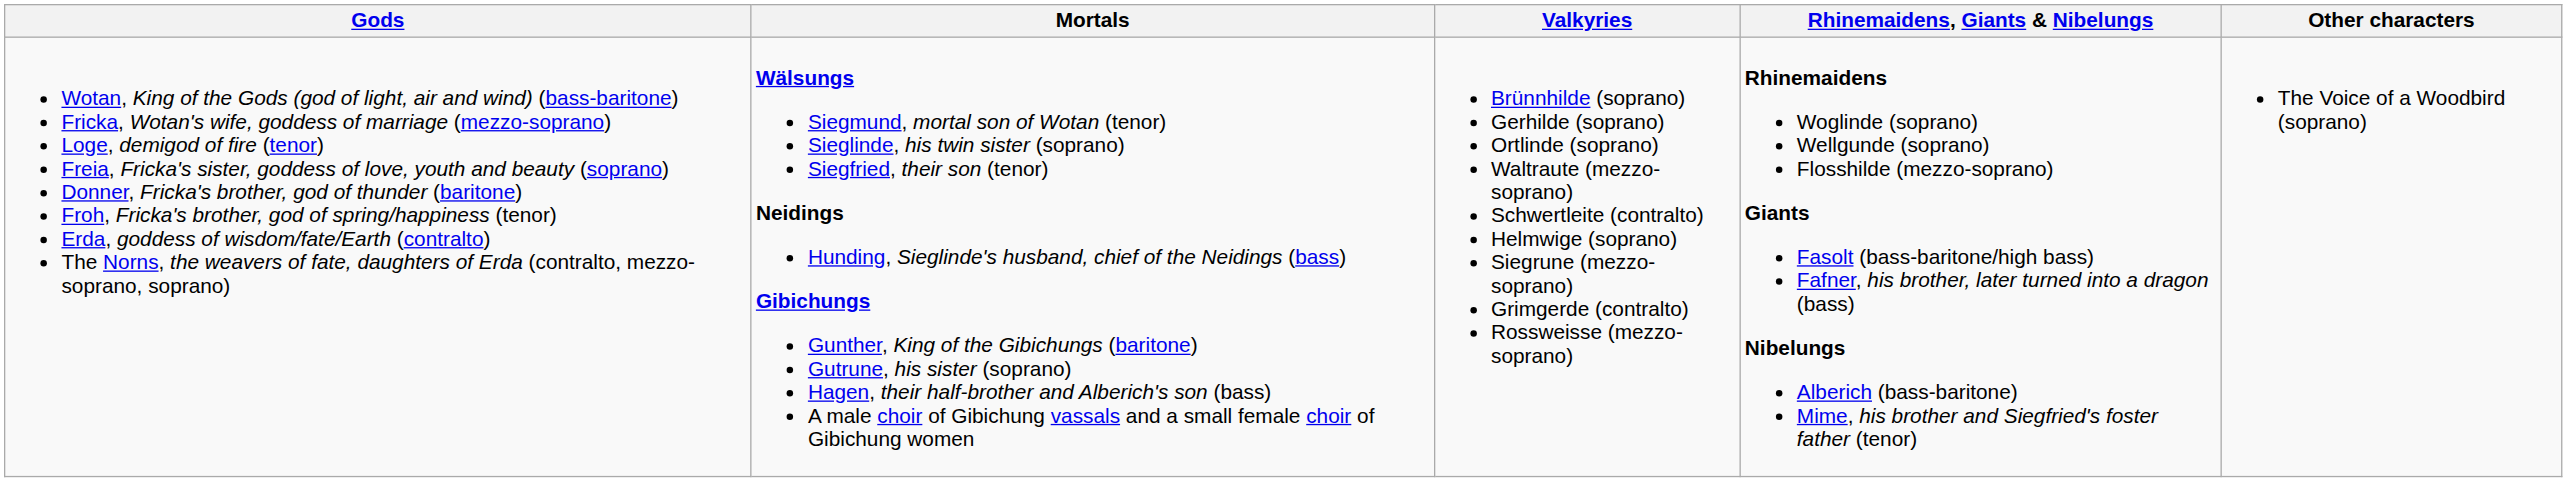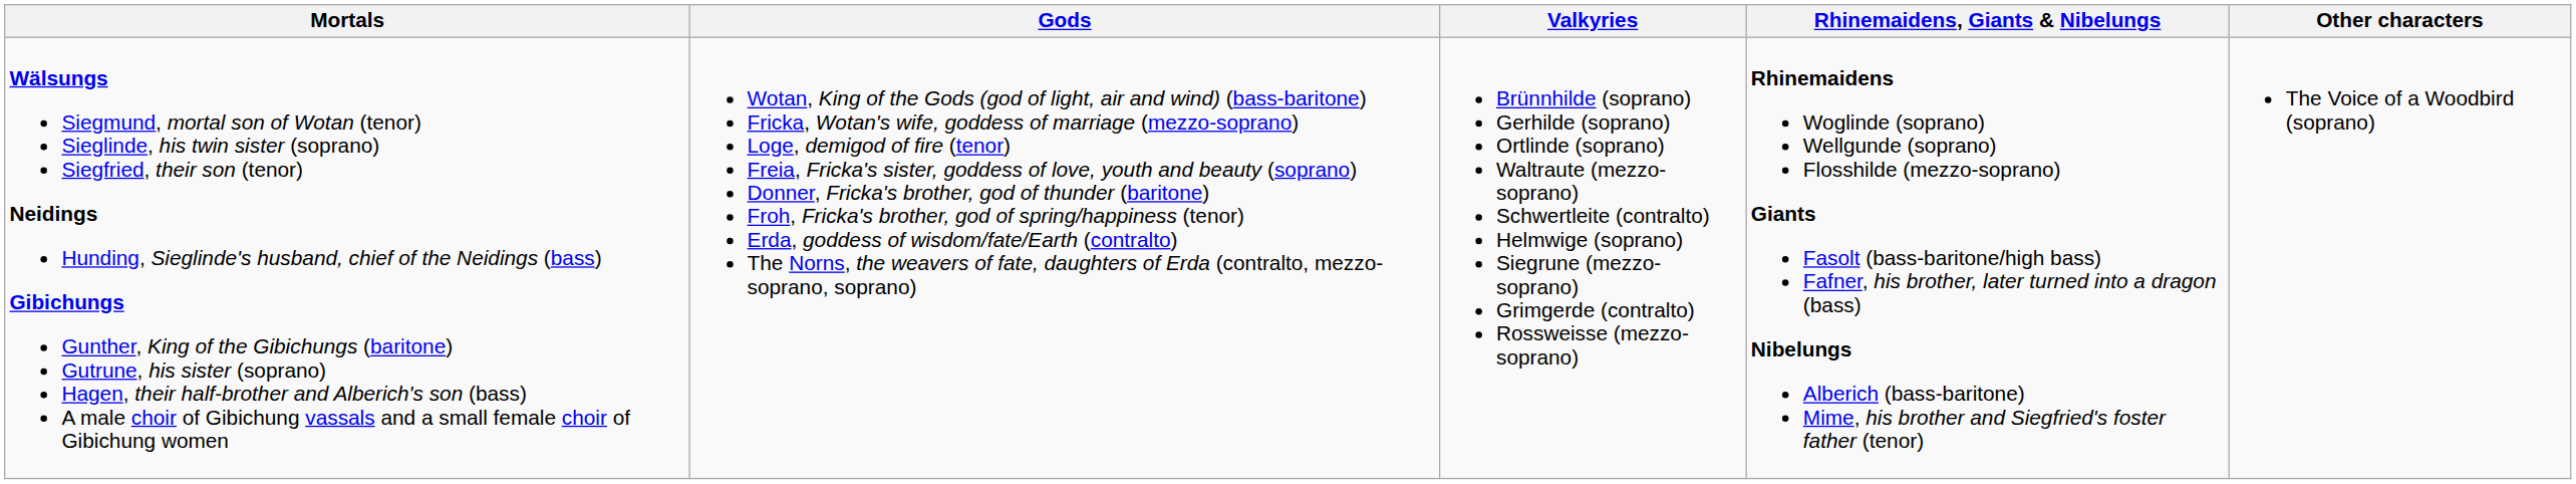 <table class="wikitable">
 <tr>
+<th>Mortals</th>
 <th><a href='#'>Gods</a></th>
-<th>Mortals</th>
 <th><a href='#'>Valkyries</a></th>
 <th><a href='#'>Rhinemaidens</a>, <a href='#'>Giants</a> & <a href='#'>Nibelungs</a></th>
 <th>Other characters</th>
 </tr>
 <tr valign=top>
+<td><br><strong><a href='#'>Wälsungs</a></strong><ul><li><a href='#'>Siegmund</a>, <em>mortal son of Wotan</em> (tenor)</li><li><a href='#'>Sieglinde</a>, <em>his twin sister</em> (soprano)</li><li><a href='#'>Siegfried</a>, <em>their son</em> (tenor)</li></ul><strong>Neidings</strong><ul><li><a href='#'>Hunding</a>, <em>Sieglinde's husband, chief of the Neidings</em> (<a href='#'>bass</a>)</li></ul><strong><a href='#'>Gibichungs</a></strong><ul><li><a href='#'>Gunther</a>, <em>King of the Gibichungs</em> (<a href='#'>baritone</a>)</li><li><a href='#'>Gutrune</a>, <em>his sister</em> (soprano)</li><li><a href='#'>Hagen</a>, <em>their half-brother and Alberich's son</em> (bass)</li><li>A male <a href='#'>choir</a> of Gibichung <a href='#'>vassals</a> and a small female <a href='#'>choir</a> of Gibichung women</li></ul></td>
 <td><br><ul><li><a href='#'>Wotan</a>, <em>King of the Gods (god of light, air and wind)</em> (<a href='#'>bass-baritone</a>)</li><li><a href='#'>Fricka</a>, <em>Wotan's wife, goddess of marriage</em> (<a href='#'>mezzo-soprano</a>)</li><li><a href='#'>Loge</a>, <em>demigod of fire</em> (<a href='#'>tenor</a>)</li><li><a href='#'>Freia</a>, <em>Fricka's sister, goddess of love, youth and beauty</em> (<a href='#'>soprano</a>)</li><li><a href='#'>Donner</a>, <em>Fricka's brother, god of thunder</em> (<a href='#'>baritone</a>)</li><li><a href='#'>Froh</a>, <em>Fricka's brother, god of spring/happiness</em> (tenor)</li><li><a href='#'>Erda</a>, <em>goddess of wisdom/fate/Earth</em> (<a href='#'>contralto</a>)</li><li>The <a href='#'>Norns</a>, <em>the weavers of fate, daughters of Erda</em> (contralto, mezzo-soprano, soprano)</li></ul></td>
-<td><br><strong><a href='#'>Wälsungs</a></strong><ul><li><a href='#'>Siegmund</a>, <em>mortal son of Wotan</em> (tenor)</li><li><a href='#'>Sieglinde</a>, <em>his twin sister</em> (soprano)</li><li><a href='#'>Siegfried</a>, <em>their son</em> (tenor)</li></ul><strong>Neidings</strong><ul><li><a href='#'>Hunding</a>, <em>Sieglinde's husband, chief of the Neidings</em> (<a href='#'>bass</a>)</li></ul><strong><a href='#'>Gibichungs</a></strong><ul><li><a href='#'>Gunther</a>, <em>King of the Gibichungs</em> (<a href='#'>baritone</a>)</li><li><a href='#'>Gutrune</a>, <em>his sister</em> (soprano)</li><li><a href='#'>Hagen</a>, <em>their half-brother and Alberich's son</em> (bass)</li><li>A male <a href='#'>choir</a> of Gibichung <a href='#'>vassals</a> and a small female <a href='#'>choir</a> of Gibichung women</li></ul></td>
 <td><br><ul><li><a href='#'>Brünnhilde</a> (soprano)</li><li>Gerhilde (soprano)</li><li>Ortlinde (soprano)</li><li>Waltraute (mezzo-soprano)</li><li>Schwertleite (contralto)</li><li>Helmwige (soprano)</li><li>Siegrune (mezzo-soprano)</li><li>Grimgerde (contralto)</li><li>Rossweisse (mezzo-soprano)</li></ul></td>
 <td><br><strong>Rhinemaidens</strong><ul><li>Woglinde (soprano)</li><li>Wellgunde (soprano)</li><li>Flosshilde (mezzo-soprano)</li></ul><strong>Giants</strong><ul><li><a href='#'>Fasolt</a> (bass-baritone/high bass)</li><li><a href='#'>Fafner</a>, <em>his brother, later turned into a dragon</em> (bass)</li></ul><strong>Nibelungs</strong><ul><li><a href='#'>Alberich</a> (bass-baritone)</li><li><a href='#'>Mime</a>, <em>his brother and Siegfried's foster father</em> (tenor)</li></ul></td>
 <td><br><ul><li>The Voice of a Woodbird (soprano)</li></ul></td>
 </tr>
 </table>
